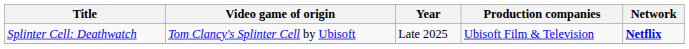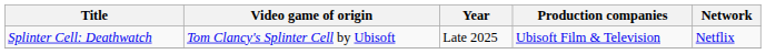 <table class="wikitable sortable" style="width:100%;">
 <tr>
 <th>Title</th>
 <th>Video game of origin</th>
 <th>Year</th>
 <th>Production companies</th>
 <th>Network</th>
 </tr>
 <tr>
 <td><em><a href='#'>Splinter Cell: Deathwatch</a></em></td>
 <td><em><a href='#'>Tom Clancy's Splinter Cell</a></em> by <a href='#'>Ubisoft</a></td>
 <td>Late 2025</td>
 <td><a href='#'>Ubisoft Film & Television</a></td>
-<td><strong><a href='#'>Netflix</a></strong></td>
+<td><a href='#'>Netflix</a></td>
 </tr>
 <tr>
 </tr>
 </table>
